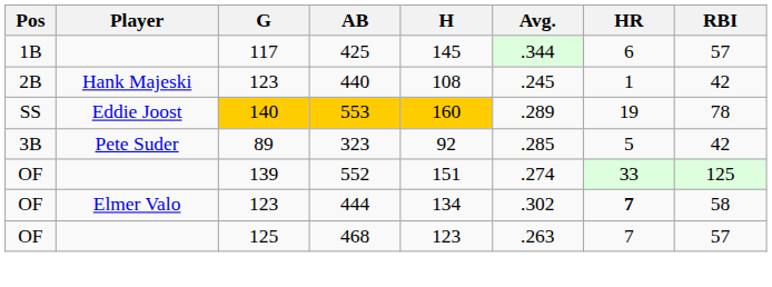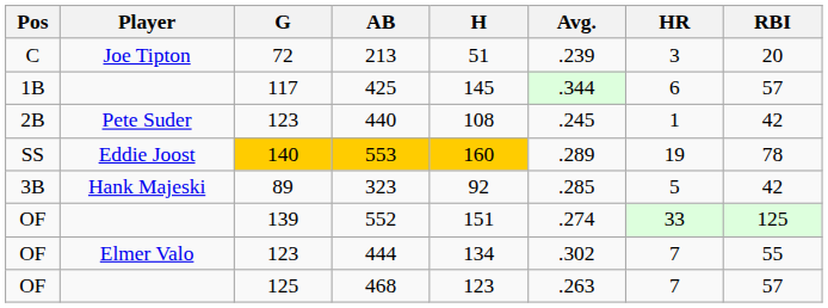 <table class="wikitable sortable">
 <tr>
 <th bgcolor="#DDDDFF" width="5%">Pos</th>
 <th bgcolor="#DDDDFF" width="16%">Player</th>
 <th bgcolor="#DDDDFF" width="9%">G</th>
 <th bgcolor="#DDDDFF" width="9%">AB</th>
 <th bgcolor="#DDDDFF" width="9%">H</th>
 <th bgcolor="#DDDDFF" width="9%">Avg.</th>
 <th bgcolor="#DDDDFF" width="9%">HR</th>
 <th bgcolor="#DDDDFF" width="9%">RBI</th>
+</tr>
+<tr align="center">
+<td>C</td>
+<td><a href='#'>Joe Tipton</a></td>
+<td>72</td>
+<td>213</td>
+<td>51</td>
+<td>.239</td>
+<td>3</td>
+<td>20</td>
 </tr>
 <tr align="center">
 <td>1B</td>
 <td></td>
 <td>117</td>
 <td>425</td>
 <td>145</td>
 <td style="background:#DDFFDD;">.344</td>
 <td>6</td>
 <td>57</td>
 </tr>
 <tr align="center">
 <td>2B</td>
-<td><a href='#'>Hank Majeski</a></td>
+<td><a href='#'>Pete Suder</a></td>
 <td>123</td>
 <td>440</td>
 <td>108</td>
 <td>.245</td>
 <td>1</td>
 <td>42</td>
 </tr>
 <tr align="center">
 <td>SS</td>
 <td><a href='#'>Eddie Joost</a></td>
 <td style="background:#fc0;">140</td>
 <td style="background:#fc0;">553</td>
 <td style="background:#fc0;">160</td>
 <td>.289</td>
 <td>19</td>
 <td>78</td>
 </tr>
 <tr align="center">
 <td>3B</td>
-<td><a href='#'>Pete Suder</a></td>
+<td><a href='#'>Hank Majeski</a></td>
 <td>89</td>
 <td>323</td>
 <td>92</td>
 <td>.285</td>
 <td>5</td>
 <td>42</td>
 </tr>
 <tr align="center">
 <td>OF</td>
 <td></td>
 <td>139</td>
 <td>552</td>
 <td>151</td>
 <td>.274</td>
 <td style="background:#DDFFDD;">33</td>
 <td style="background:#DDFFDD;">125</td>
 </tr>
 <tr align="center">
 <td>OF</td>
 <td><a href='#'>Elmer Valo</a></td>
 <td>123</td>
 <td>444</td>
 <td>134</td>
 <td>.302</td>
-<td><strong>7</strong></td>
-<td>58</td>
+<td>7</td>
+<td>55</td>
 </tr>
 <tr align="center">
 <td>OF</td>
 <td></td>
 <td>125</td>
 <td>468</td>
 <td>123</td>
 <td>.263</td>
 <td>7</td>
 <td>57</td>
 </tr>
 </table>
